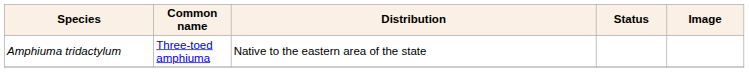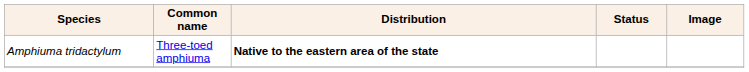 <table class="sortable wikitable plainrowheaders" border="0" style="background:#ffffff" align="top" class="sortable wikitable">
 <tr –>
 <th scope="col" style="background-color:Linen; color:Black" width=200 px>Species</th>
 <th scope="col" style="background-color:Linen; color:Black" width=100 px>Common name</th>
 <th scope="col" style="background:Linen; color:Black" width=500 px>Distribution</th>
 <th scope="col" style="background-color:Linen; color:Black" width=90 px>Status</th>
 <th scope="col" style="background:Linen; color:Black" width=100 px>Image</th>
 </tr>
 <tr>
 <td !scope="row" style="background:#ffffff"><em>Amphiuma tridactylum</em></td>
 <td><a href='#'>Three-toed amphiuma</a></td>
-<td>Native to the eastern area of the state</td>
+<td><strong>Native to the eastern area of the state</strong></td>
 <td style="text-align:center;"></td>
 <td></td>
 </tr>
 <tr>
 </tr>
 </table>
